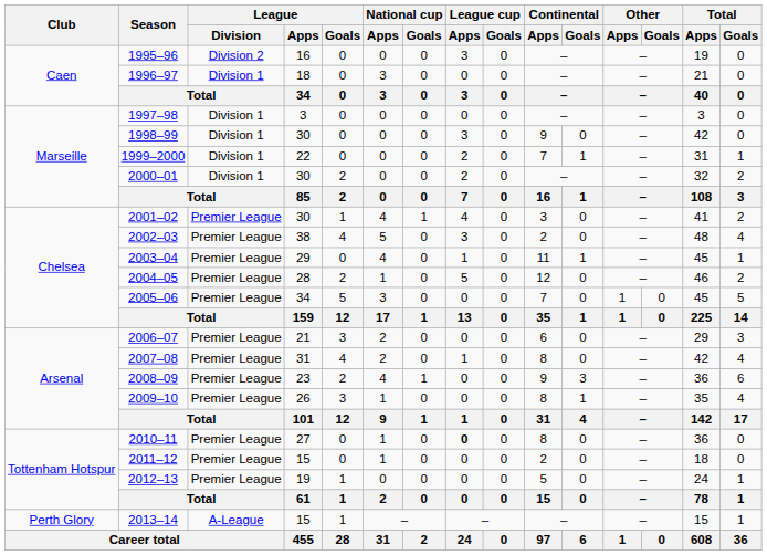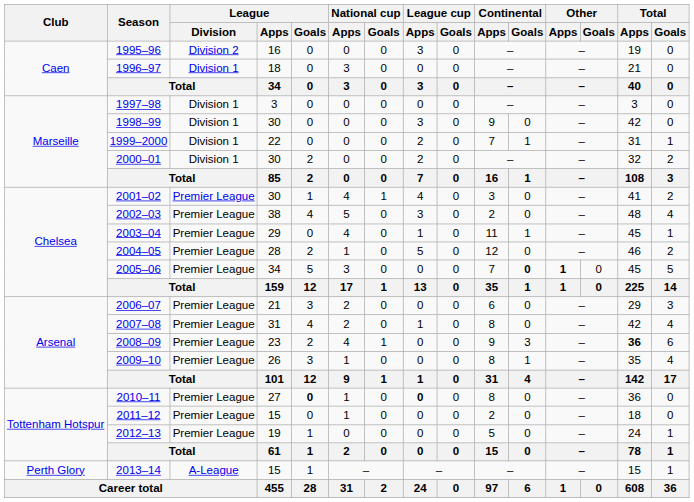 <table class=wikitable style=text-align:center>
 <tr>
 <th rowspan=2>Club</th>
 <th rowspan=2>Season</th>
 <th colspan=3>League</th>
 <th colspan=2>National cup</th>
 <th colspan=2>League cup</th>
 <th colspan=2>Continental</th>
 <th colspan=2>Other</th>
 <th colspan=2>Total</th>
 </tr>
 <tr>
 <th>Division</th>
 <th>Apps</th>
 <th>Goals</th>
 <th>Apps</th>
 <th>Goals</th>
 <th>Apps</th>
 <th>Goals</th>
 <th>Apps</th>
 <th>Goals</th>
 <th>Apps</th>
 <th>Goals</th>
 <th>Apps</th>
 <th>Goals</th>
 </tr>
 <tr>
 <td rowspan="3"><a href='#'>Caen</a></td>
 <td><a href='#'>1995–96</a></td>
 <td><a href='#'>Division 2</a></td>
 <td>16</td>
 <td>0</td>
 <td>0</td>
 <td>0</td>
 <td>3</td>
 <td>0</td>
 <td colspan="2">–</td>
 <td colspan="2">–</td>
 <td>19</td>
 <td>0</td>
 </tr>
 <tr>
 <td><a href='#'>1996–97</a></td>
 <td><a href='#'>Division 1</a></td>
 <td>18</td>
 <td>0</td>
 <td>3</td>
 <td>0</td>
 <td>0</td>
 <td>0</td>
 <td colspan="2">–</td>
 <td colspan="2">–</td>
 <td>21</td>
 <td>0</td>
 </tr>
 <tr>
 <th colspan="2">Total</th>
 <th>34</th>
 <th>0</th>
 <th>3</th>
 <th>0</th>
 <th>3</th>
 <th>0</th>
 <th colspan="2">–</th>
 <th colspan="2">–</th>
 <th>40</th>
 <th>0</th>
 </tr>
 <tr>
 <td rowspan="5"><a href='#'>Marseille</a></td>
 <td><a href='#'>1997–98</a></td>
 <td>Division 1</td>
 <td>3</td>
 <td>0</td>
 <td>0</td>
 <td>0</td>
 <td>0</td>
 <td>0</td>
 <td colspan="2">–</td>
 <td colspan="2">–</td>
 <td>3</td>
 <td>0</td>
 </tr>
 <tr>
 <td><a href='#'>1998–99</a></td>
 <td>Division 1</td>
 <td>30</td>
 <td>0</td>
 <td>0</td>
 <td>0</td>
 <td>3</td>
 <td>0</td>
 <td>9</td>
 <td>0</td>
 <td colspan="2">–</td>
 <td>42</td>
 <td>0</td>
 </tr>
 <tr>
 <td><a href='#'>1999–2000</a></td>
 <td>Division 1</td>
 <td>22</td>
 <td>0</td>
 <td>0</td>
 <td>0</td>
 <td>2</td>
 <td>0</td>
 <td>7</td>
 <td>1</td>
 <td colspan="2">–</td>
 <td>31</td>
 <td>1</td>
 </tr>
 <tr>
 <td><a href='#'>2000–01</a></td>
 <td>Division 1</td>
 <td>30</td>
 <td>2</td>
 <td>0</td>
 <td>0</td>
 <td>2</td>
 <td>0</td>
 <td colspan="2">–</td>
 <td colspan="2">–</td>
 <td>32</td>
 <td>2</td>
 </tr>
 <tr>
 <th colspan="2">Total</th>
 <th>85</th>
 <th>2</th>
 <th>0</th>
 <th>0</th>
 <th>7</th>
 <th>0</th>
 <th>16</th>
 <th>1</th>
 <th colspan="2">–</th>
 <th>108</th>
 <th>3</th>
 </tr>
 <tr>
 <td rowspan="6"><a href='#'>Chelsea</a></td>
 <td><a href='#'>2001–02</a></td>
 <td><a href='#'>Premier League</a></td>
 <td>30</td>
 <td>1</td>
 <td>4</td>
 <td>1</td>
 <td>4</td>
 <td>0</td>
 <td>3</td>
 <td>0</td>
 <td colspan="2">–</td>
 <td>41</td>
 <td>2</td>
 </tr>
 <tr>
 <td><a href='#'>2002–03</a></td>
 <td>Premier League</td>
 <td>38</td>
 <td>4</td>
 <td>5</td>
 <td>0</td>
 <td>3</td>
 <td>0</td>
 <td>2</td>
 <td>0</td>
 <td colspan="2">–</td>
 <td>48</td>
 <td>4</td>
 </tr>
 <tr>
 <td><a href='#'>2003–04</a></td>
 <td>Premier League</td>
 <td>29</td>
 <td>0</td>
 <td>4</td>
 <td>0</td>
 <td>1</td>
 <td>0</td>
 <td>11</td>
 <td>1</td>
 <td colspan="2">–</td>
 <td>45</td>
 <td>1</td>
 </tr>
 <tr>
 <td><a href='#'>2004–05</a></td>
 <td>Premier League</td>
 <td>28</td>
 <td>2</td>
 <td>1</td>
 <td>0</td>
 <td>5</td>
 <td>0</td>
 <td>12</td>
 <td>0</td>
 <td colspan="2">–</td>
 <td>46</td>
 <td>2</td>
 </tr>
 <tr>
 <td><a href='#'>2005–06</a></td>
 <td>Premier League</td>
 <td>34</td>
 <td>5</td>
 <td>3</td>
 <td>0</td>
 <td>0</td>
 <td>0</td>
 <td>7</td>
-<td>0</td>
-<td>1</td>
+<td><strong>0</strong></td>
+<td><strong>1</strong></td>
 <td>0</td>
 <td>45</td>
 <td>5</td>
 </tr>
 <tr>
 <th colspan="2">Total</th>
 <th>159</th>
 <th>12</th>
 <th>17</th>
 <th>1</th>
 <th>13</th>
 <th>0</th>
 <th>35</th>
 <th>1</th>
 <th>1</th>
 <th>0</th>
 <th>225</th>
 <th>14</th>
 </tr>
 <tr>
 <td rowspan="5"><a href='#'>Arsenal</a></td>
 <td><a href='#'>2006–07</a></td>
 <td>Premier League</td>
 <td>21</td>
 <td>3</td>
 <td>2</td>
 <td>0</td>
 <td>0</td>
 <td>0</td>
 <td>6</td>
 <td>0</td>
 <td colspan="2">–</td>
 <td>29</td>
 <td>3</td>
 </tr>
 <tr>
 <td><a href='#'>2007–08</a></td>
 <td>Premier League</td>
 <td>31</td>
 <td>4</td>
 <td>2</td>
 <td>0</td>
 <td>1</td>
 <td>0</td>
 <td>8</td>
 <td>0</td>
 <td colspan="2">–</td>
 <td>42</td>
 <td>4</td>
 </tr>
 <tr>
 <td><a href='#'>2008–09</a></td>
 <td>Premier League</td>
 <td>23</td>
 <td>2</td>
 <td>4</td>
 <td>1</td>
 <td>0</td>
 <td>0</td>
 <td>9</td>
 <td>3</td>
 <td colspan="2">–</td>
-<td>36</td>
+<td><strong>36</strong></td>
 <td>6</td>
 </tr>
 <tr>
 <td><a href='#'>2009–10</a></td>
 <td>Premier League</td>
 <td>26</td>
 <td>3</td>
 <td>1</td>
 <td>0</td>
 <td>0</td>
 <td>0</td>
 <td>8</td>
 <td>1</td>
 <td colspan="2">–</td>
 <td>35</td>
 <td>4</td>
 </tr>
 <tr>
 <th colspan="2">Total</th>
 <th>101</th>
 <th>12</th>
 <th>9</th>
 <th>1</th>
 <th>1</th>
 <th>0</th>
 <th>31</th>
 <th>4</th>
 <th colspan="2">–</th>
 <th>142</th>
 <th>17</th>
 </tr>
 <tr>
 <td rowspan="4"><a href='#'>Tottenham Hotspur</a></td>
 <td><a href='#'>2010–11</a></td>
 <td>Premier League</td>
 <td>27</td>
-<td>0</td>
+<td><strong>0</strong></td>
 <td>1</td>
 <td>0</td>
 <td><strong>0</strong></td>
 <td>0</td>
 <td>8</td>
 <td>0</td>
 <td colspan="2">–</td>
 <td>36</td>
 <td>0</td>
 </tr>
 <tr>
 <td><a href='#'>2011–12</a></td>
 <td>Premier League</td>
 <td>15</td>
 <td>0</td>
 <td>1</td>
 <td>0</td>
 <td>0</td>
 <td>0</td>
 <td>2</td>
 <td>0</td>
 <td colspan="2">–</td>
 <td>18</td>
 <td>0</td>
 </tr>
 <tr>
 <td><a href='#'>2012–13</a></td>
 <td>Premier League</td>
 <td>19</td>
 <td>1</td>
 <td>0</td>
 <td>0</td>
 <td>0</td>
 <td>0</td>
 <td>5</td>
 <td>0</td>
 <td colspan="2">–</td>
 <td>24</td>
 <td>1</td>
 </tr>
 <tr>
 <th colspan="2">Total</th>
 <th>61</th>
 <th>1</th>
 <th>2</th>
 <th>0</th>
 <th>0</th>
 <th>0</th>
 <th>15</th>
 <th>0</th>
 <th colspan="2">–</th>
 <th>78</th>
 <th>1</th>
 </tr>
 <tr>
 <td><a href='#'>Perth Glory</a></td>
 <td><a href='#'>2013–14</a></td>
 <td><a href='#'>A-League</a></td>
 <td>15</td>
 <td>1</td>
 <td colspan="2">–</td>
 <td colspan="2">–</td>
 <td colspan="2">–</td>
 <td colspan="2">–</td>
 <td>15</td>
 <td>1</td>
 </tr>
 <tr>
 <th colspan="3">Career total</th>
 <th>455</th>
 <th>28</th>
 <th>31</th>
 <th>2</th>
 <th>24</th>
 <th>0</th>
 <th>97</th>
 <th>6</th>
 <th>1</th>
 <th>0</th>
 <th>608</th>
 <th>36</th>
 </tr>
 </table>
